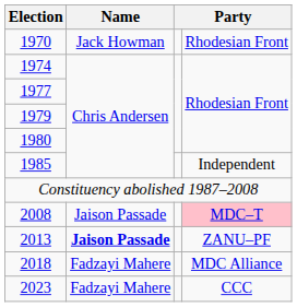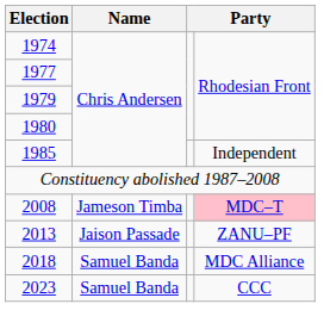 <table class="wikitable" style="text-align:center">
 <tr>
 <th>Election</th>
 <th>Name</th>
 <th colspan="2">Party</th>
-</tr>
-<tr>
-<td><a href='#'>1970</a></td>
-<td><a href='#'>Jack Howman</a></td>
-<td style="background-color: "></td>
-<td><a href='#'>Rhodesian Front</a></td>
 </tr>
 <tr>
 <td><a href='#'>1974</a></td>
 <td rowspan="5"><a href='#'>Chris Andersen</a></td>
 <td rowspan="4" style="background-color: "></td>
 <td rowspan="4"><a href='#'>Rhodesian Front</a></td>
 </tr>
 <tr>
 <td><a href='#'>1977</a></td>
 </tr>
 <tr>
 <td><a href='#'>1979</a></td>
 </tr>
 <tr>
 <td><a href='#'>1980</a></td>
 </tr>
 <tr>
 <td><a href='#'>1985</a></td>
 <td style="background-color: "></td>
 <td>Independent</td>
 </tr>
 <tr>
 <td colspan="4"><em>Constituency abolished 1987–2008</em></td>
 </tr>
 <tr>
 <td><a href='#'>2008</a></td>
-<td><a href='#'>Jaison Passade</a></td>
+<td><a href='#'>Jameson Timba</a></td>
 <td style="background-color: "></td>
 <td style="background: pink;"><a href='#'>MDC–T</a></td>
 </tr>
 <tr>
 <td><a href='#'>2013</a></td>
-<td><strong><a href='#'>Jaison Passade</a></strong></td>
+<td><a href='#'>Jaison Passade</a></td>
 <td style="background-color: "></td>
 <td><a href='#'>ZANU–PF</a></td>
 </tr>
 <tr>
 <td><a href='#'>2018</a></td>
-<td><a href='#'>Fadzayi Mahere</a></td>
+<td><a href='#'>Samuel Banda</a></td>
 <td style="background-color: "></td>
 <td><a href='#'>MDC Alliance</a></td>
 </tr>
 <tr>
 <td><a href='#'>2023</a></td>
-<td><a href='#'>Fadzayi Mahere</a></td>
+<td><a href='#'>Samuel Banda</a></td>
 <td style="background-color: "></td>
 <td><a href='#'>CCC</a></td>
 </tr>
 </table>
